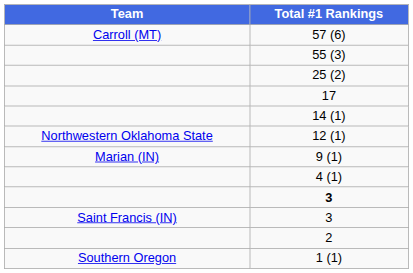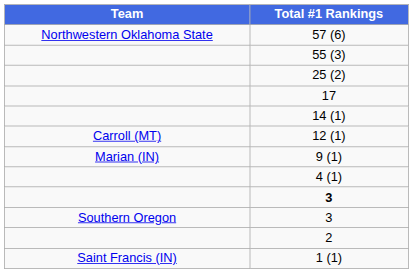 <table class="wikitable" style="width:40%;">
 <tr>
 <th style="background:#4169E1; color:white;">Team</th>
 <th style="background:#4169E1; color:white;">Total #1 Rankings</th>
 </tr>
 <tr style="text-align:center;">
-<td><a href='#'>Carroll (MT)</a></td>
+<td><a href='#'>Northwestern Oklahoma State</a></td>
 <td>57 (6)</td>
 </tr>
 <tr style="text-align:center;">
 <td></td>
 <td>55 (3)</td>
 </tr>
 <tr style="text-align:center;">
 <td></td>
 <td>25 (2)</td>
 </tr>
 <tr style="text-align:center;">
 <td></td>
 <td>17</td>
 </tr>
 <tr style="text-align:center;">
 <td></td>
 <td>14 (1)</td>
 </tr>
 <tr style="text-align:center;">
-<td><a href='#'>Northwestern Oklahoma State</a></td>
+<td><a href='#'>Carroll (MT)</a></td>
 <td>12 (1)</td>
 </tr>
 <tr style="text-align:center;">
 <td><a href='#'>Marian (IN)</a></td>
 <td>9 (1)</td>
 </tr>
 <tr style="text-align:center;">
 <td></td>
 <td>4 (1)</td>
 </tr>
 <tr style="text-align:center;">
 <td></td>
 <td><strong>3</strong></td>
 </tr>
 <tr style="text-align:center;">
-<td><a href='#'>Saint Francis (IN)</a></td>
+<td><a href='#'>Southern Oregon</a></td>
 <td>3</td>
 </tr>
 <tr style="text-align:center;">
 <td></td>
 <td>2</td>
 </tr>
 <tr style="text-align:center;">
-<td><a href='#'>Southern Oregon</a></td>
+<td><a href='#'>Saint Francis (IN)</a></td>
 <td>1 (1)</td>
 </tr>
 </table>
